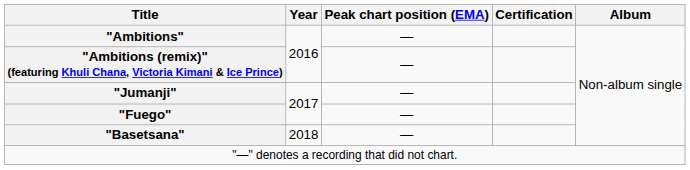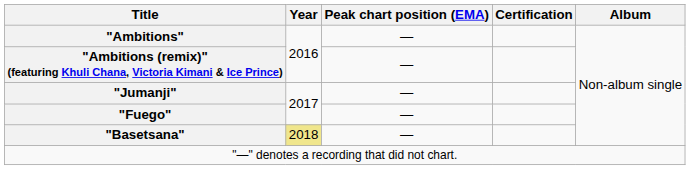 <table class="wikitable" style="text-align:center;">
 <tr>
 <th>Title</th>
 <th>Year</th>
 <th>Peak chart position (<a href='#'>EMA</a>)</th>
 <th>Certification</th>
 <th>Album</th>
 </tr>
 <tr>
 <th scope="row">"Ambitions"</th>
 <td rowspan="2">2016</td>
 <td>—</td>
 <td></td>
 <td rowspan="5">Non-album single</td>
 </tr>
 <tr>
 <th scope="row">"Ambitions (remix)"<br><small>(featuring <a href='#'>Khuli Chana</a>, <a href='#'>Victoria Kimani</a> & <a href='#'>Ice Prince</a>)</small></th>
 <td>—</td>
 <td></td>
 </tr>
 <tr>
 <th scope="row">"Jumanji"</th>
 <td rowspan="2">2017</td>
 <td>—</td>
 <td></td>
 </tr>
 <tr>
 <th scope="row">"Fuego"</th>
 <td>—</td>
 <td></td>
 </tr>
 <tr>
 <th scope="row">"Basetsana"</th>
-<td>2018</td>
+<td style="background: khaki;">2018</td>
 <td>—</td>
 <td></td>
 </tr>
 <tr>
 <td colspan="14" style="font-size:90%">"—" denotes a recording that did not chart.</td>
 </tr>
 </table>
